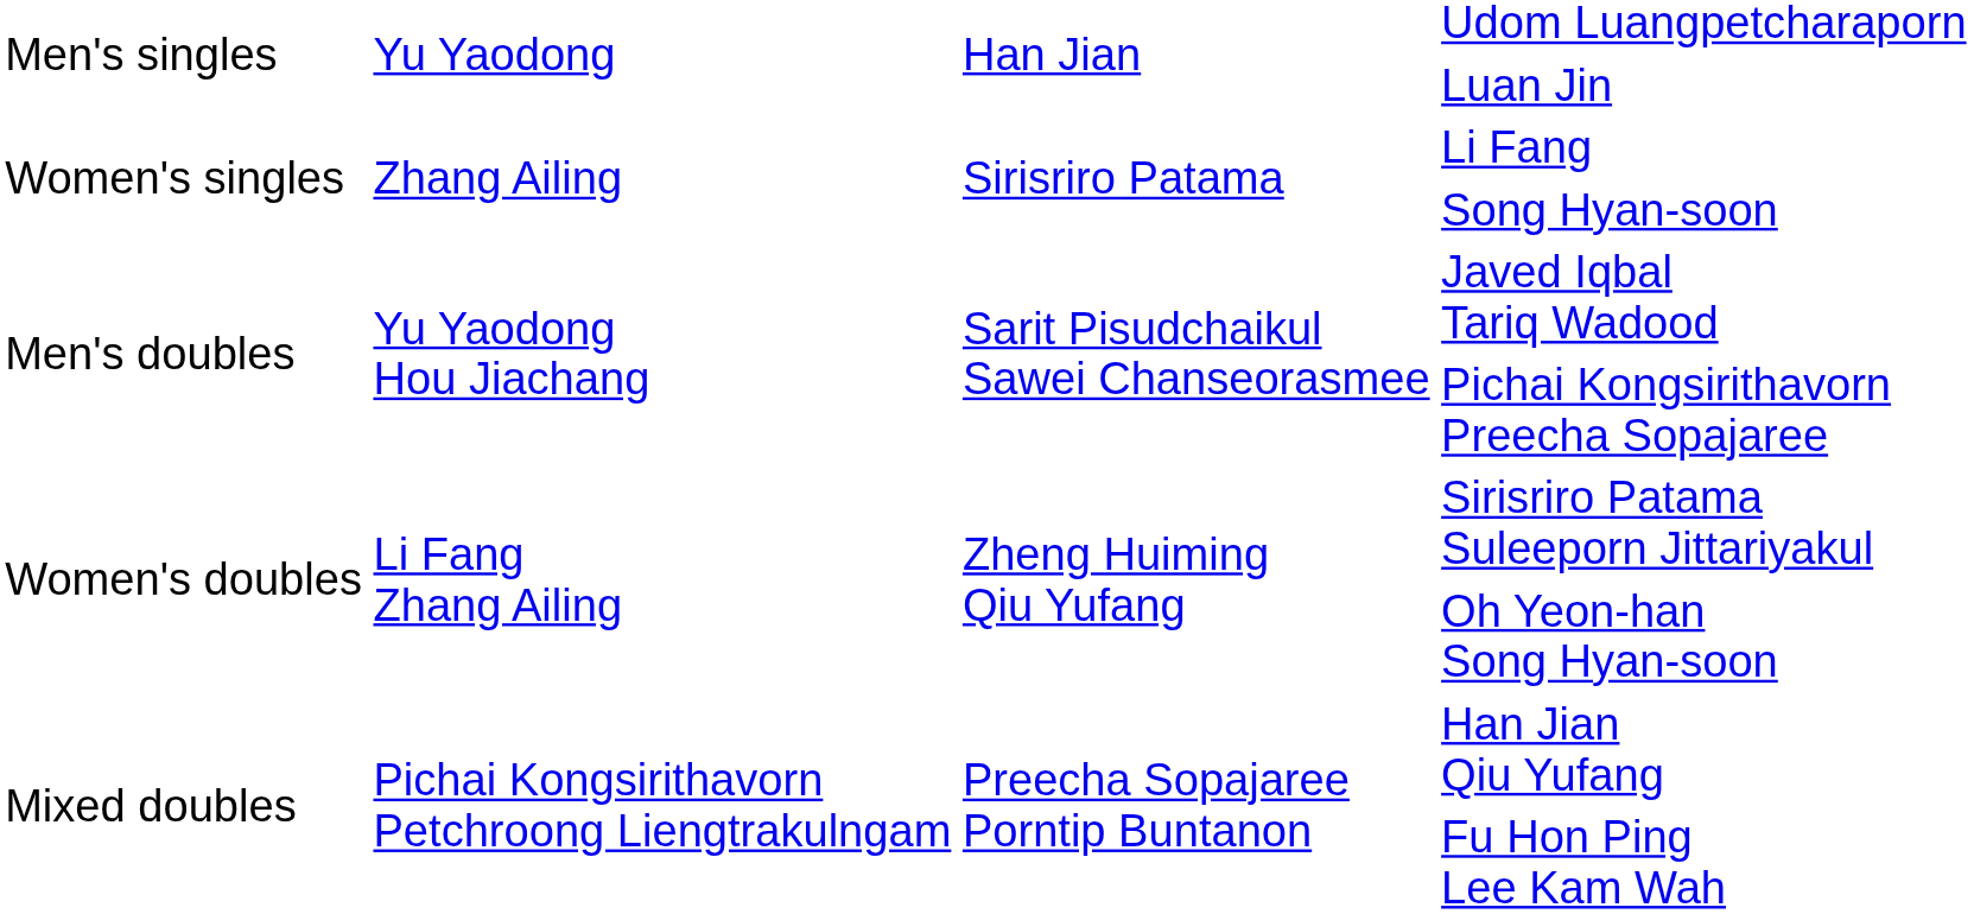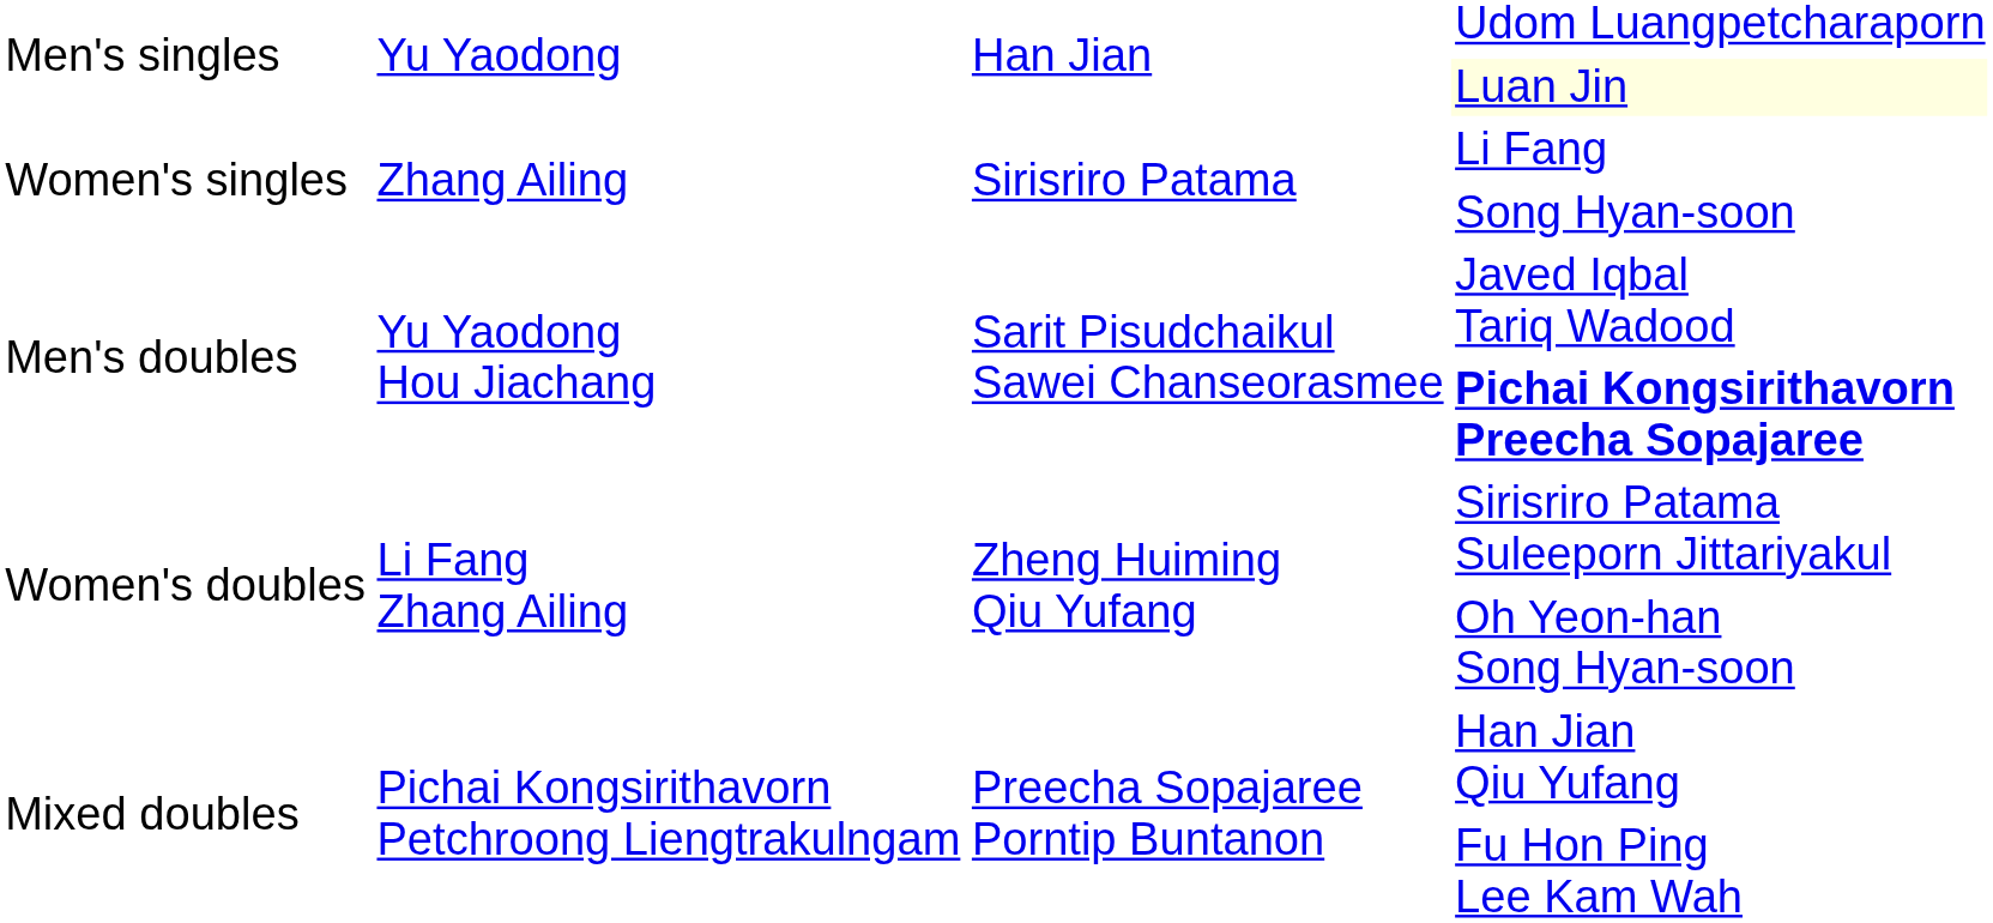 <table>
 <tr>
 <td rowspan="2">Men's singles</td>
 <td rowspan="2"> <a href='#'>Yu Yaodong</a></td>
 <td rowspan="2"> <a href='#'>Han Jian</a></td>
 <td> <a href='#'>Udom Luangpetcharaporn</a></td>
 </tr>
 <tr>
-<td> <a href='#'>Luan Jin</a></td>
+<td style="background: lightyellow;"> <a href='#'>Luan Jin</a></td>
 </tr>
 <tr>
 <td rowspan="2">Women's singles</td>
 <td rowspan="2"> <a href='#'>Zhang Ailing</a></td>
 <td rowspan="2"> <a href='#'>Sirisriro Patama</a></td>
 <td> <a href='#'>Li Fang</a></td>
 </tr>
 <tr>
 <td> <a href='#'>Song Hyan-soon</a></td>
 </tr>
 <tr>
 <td rowspan="2">Men's doubles</td>
 <td rowspan="2"> <a href='#'>Yu Yaodong</a> <br>  <a href='#'>Hou Jiachang</a></td>
 <td rowspan="2"> <a href='#'>Sarit Pisudchaikul</a> <br>  <a href='#'>Sawei Chanseorasmee</a></td>
 <td> <a href='#'>Javed Iqbal</a> <br>  <a href='#'>Tariq Wadood</a></td>
 </tr>
 <tr>
-<td> <a href='#'>Pichai Kongsirithavorn</a> <br>  <a href='#'>Preecha Sopajaree</a></td>
+<td><strong> <a href='#'>Pichai Kongsirithavorn</a> <br>  <a href='#'>Preecha Sopajaree</a></strong></td>
 </tr>
 <tr>
 <td rowspan="2">Women's doubles</td>
 <td rowspan="2"> <a href='#'>Li Fang</a> <br> <a href='#'>Zhang Ailing</a></td>
 <td rowspan="2"> <a href='#'>Zheng Huiming</a> <br>  <a href='#'>Qiu Yufang</a></td>
 <td> <a href='#'>Sirisriro Patama</a> <br>  <a href='#'>Suleeporn Jittariyakul</a></td>
 </tr>
 <tr>
 <td> <a href='#'>Oh Yeon-han</a> <br>  <a href='#'>Song Hyan-soon</a></td>
 </tr>
 <tr>
 <td rowspan="2">Mixed doubles</td>
 <td rowspan="2"> <a href='#'>Pichai Kongsirithavorn</a> <br>  <a href='#'>Petchroong Liengtrakulngam</a></td>
 <td rowspan="2"> <a href='#'>Preecha Sopajaree</a> <br>  <a href='#'>Porntip Buntanon</a></td>
 <td> <a href='#'>Han Jian</a> <br> <a href='#'>Qiu Yufang</a></td>
 </tr>
 <tr>
 <td> <a href='#'>Fu Hon Ping</a> <br>  <a href='#'>Lee Kam Wah</a></td>
 </tr>
 </table>
